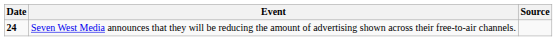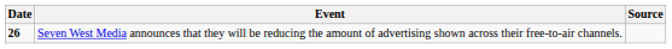 <table class="wikitable">
 <tr>
 <th>Date</th>
 <th>Event</th>
 <th>Source</th>
 </tr>
 <tr>
-<td><strong>24</strong></td>
+<td><strong>26</strong></td>
 <td><a href='#'>Seven West Media</a> announces that they will be reducing the amount of advertising shown across their free-to-air channels.</td>
 <td></td>
 </tr>
 </table>
